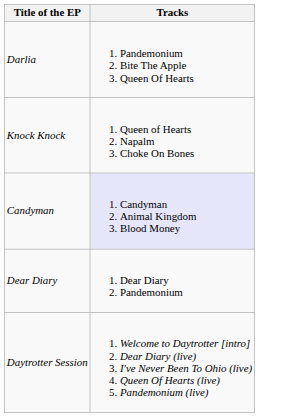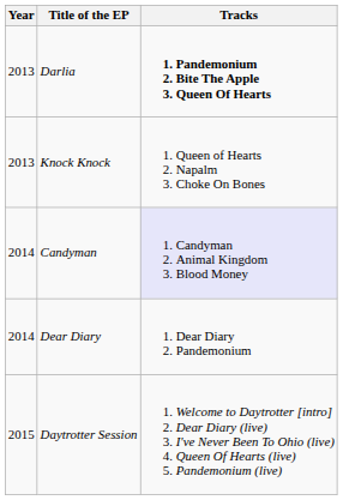 <table class="wikitable">
 <tr>
+<th>Year</th>
 <th>Title of the EP</th>
 <th>Tracks</th>
 </tr>
 <tr>
+<td>2013</td>
 <td><em>Darlia</em></td>
-<td><br><ol><li>Pandemonium</li><li>Bite The Apple</li><li>Queen Of Hearts</li></ol></td>
+<td><strong><br><ol><li>Pandemonium</li><li>Bite The Apple</li><li>Queen Of Hearts</li></ol></strong></td>
 </tr>
 <tr>
+<td>2013</td>
 <td><em>Knock Knock</em></td>
 <td><br><ol><li>Queen of Hearts</li><li>Napalm</li><li>Choke On Bones</li></ol></td>
 </tr>
 <tr>
+<td>2014</td>
 <td><em>Candyman</em></td>
 <td style="background: lavender;"><br><ol><li>Candyman</li><li>Animal Kingdom</li><li>Blood Money</li></ol></td>
 </tr>
 <tr>
+<td>2014</td>
 <td><em>Dear Diary</em></td>
 <td><br><ol><li>Dear Diary</li><li>Pandemonium</li></ol></td>
 </tr>
 <tr>
+<td>2015</td>
 <td><em>Daytrotter Session</em></td>
 <td><br><ol><li><em>Welcome to Daytrotter [intro]</em></li><li><em>Dear Diary (live)</em></li><li><em>I've Never Been To Ohio (live)</em></li><li><em>Queen Of Hearts (live)</em></li><li><em>Pandemonium (live)</em></li></ol></td>
 </tr>
 </table>
